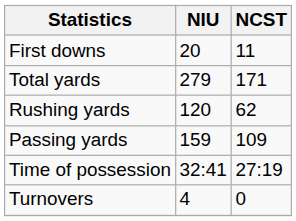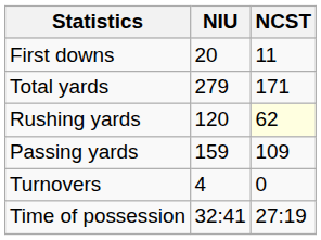 <table class="wikitable" style="float: left;">
 <tr>
 <th>Statistics</th>
 <th>NIU</th>
 <th>NCST</th>
 </tr>
 <tr>
 <td>First downs</td>
 <td>20</td>
 <td>11</td>
 </tr>
 <tr>
 <td>Total yards</td>
 <td>279</td>
 <td>171</td>
 </tr>
 <tr>
 <td>Rushing yards</td>
 <td>120</td>
-<td>62</td>
+<td style="background: lightyellow;">62</td>
 </tr>
 <tr>
 <td>Passing yards</td>
 <td>159</td>
 <td>109</td>
 </tr>
 <tr>
+<td>Turnovers</td>
+<td>4</td>
+<td>0</td>
+</tr>
+<tr>
 <td>Time of possession</td>
 <td>32:41</td>
 <td>27:19</td>
 </tr>
 <tr>
-<td>Turnovers</td>
-<td>4</td>
-<td>0</td>
-</tr>
-<tr>
 </tr>
 </table>
